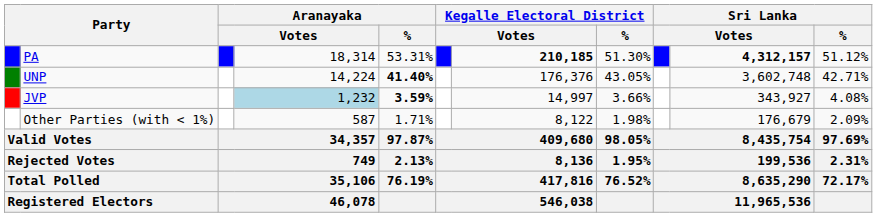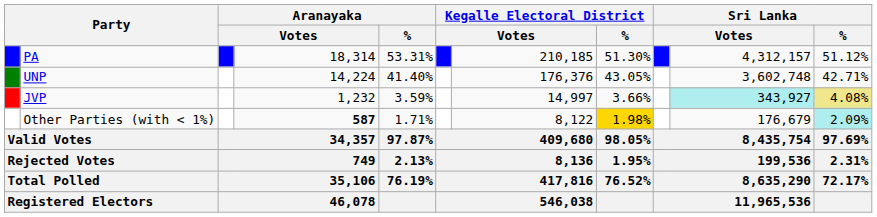 <table class="wikitable">
 <tr>
 <th colspan="2" width="144px"rowspan="2">Party</th>
 <th colspan="3" width="216px">Aranayaka</th>
 <th colspan="3" width="216px"><a href='#'>Kegalle Electoral District</a></th>
 <th colspan="3" width="216px">Sri Lanka</th>
 </tr>
 <tr>
 <th colspan="2" width="144px">Votes</th>
 <th>%</th>
 <th colspan="2" width="144px">Votes</th>
 <th>%</th>
 <th colspan="2" width="144px">Votes</th>
 <th>%</th>
 </tr>
 <tr>
 <td style="background-color:blue;" width="10px"></td>
 <td style="text-align:left;"><a href='#'>PA</a></td>
 <td style="background-color:blue;" width="10px"></td>
 <td style="text-align:right;">18,314</td>
 <td style="text-align:right;">53.31%</td>
 <td style="background-color:blue;" width="10px"></td>
-<td style="text-align:right;"><strong>210,185</strong></td>
+<td style="text-align:right;">210,185</td>
 <td style="text-align:right;">51.30%</td>
 <td style="background-color:blue;" width="10px"></td>
-<td style="text-align:right;"><strong>4,312,157</strong></td>
+<td style="text-align:right;">4,312,157</td>
 <td style="text-align:right;">51.12%</td>
 </tr>
 <tr>
 <td style="background-color:green;" width="10px"></td>
 <td style="text-align:left;"><a href='#'>UNP</a></td>
 <td style="background-color:white;" width="10px"></td>
 <td style="text-align:right;">14,224</td>
-<td style="text-align:right;"><strong>41.40%</strong></td>
+<td style="text-align:right;">41.40%</td>
 <td style="background-color:white;" width="10px"></td>
 <td style="text-align:right;">176,376</td>
 <td style="text-align:right;">43.05%</td>
 <td style="background-color:white;" width="10px"></td>
 <td style="text-align:right;">3,602,748</td>
 <td style="text-align:right;">42.71%</td>
 </tr>
 <tr>
 <td style="background-color:red;" width="10px"></td>
 <td style="text-align:left;"><a href='#'>JVP</a></td>
 <td style="background-color:white;" width="10px"></td>
-<td style="background: lightblue; text-align:right;">1,232</td>
-<td style="text-align:right;"><strong>3.59%</strong></td>
+<td style="text-align:right;">1,232</td>
+<td style="text-align:right;">3.59%</td>
 <td style="background-color:white;" width="10px"></td>
 <td style="text-align:right;">14,997</td>
 <td style="text-align:right;">3.66%</td>
 <td style="background-color:white;" width="10px"></td>
-<td style="text-align:right;">343,927</td>
-<td style="text-align:right;">4.08%</td>
+<td style="background: paleturquoise; text-align:right;">343,927</td>
+<td style="background: khaki; text-align:right;">4.08%</td>
 </tr>
 <tr>
 <td style="background-color:white;" width="10px"></td>
 <td style="text-align:left;">Other Parties (with < 1%)</td>
 <td style="background-color:white;" width="10px"></td>
-<td style="text-align:right;">587</td>
+<td style="text-align:right;"><strong>587</strong></td>
 <td style="text-align:right;">1.71%</td>
 <td style="background-color:white;" width="10px"></td>
 <td style="text-align:right;">8,122</td>
-<td style="text-align:right;">1.98%</td>
+<td style="background: gold; text-align:right;">1.98%</td>
 <td style="background-color:white;" width="10px"></td>
 <td style="text-align:right;">176,679</td>
-<td style="text-align:right;">2.09%</td>
+<td style="background: paleturquoise; text-align:right;">2.09%</td>
 </tr>
 <tr>
 <th colspan="2" width="144px"style="text-align:left;">Valid Votes</th>
 <th style="text-align:right;"colspan="2" width="144px">34,357</th>
 <th style="text-align:right;">97.87%</th>
 <th style="text-align:right;"colspan="2" width="144px">409,680</th>
 <th style="text-align:right;">98.05%</th>
 <th style="text-align:right;"colspan="2" width="144px">8,435,754</th>
 <th style="text-align:right;">97.69%</th>
 </tr>
 <tr>
 <th colspan="2" width="144px"style="text-align:left;">Rejected Votes</th>
 <th style="text-align:right;"colspan="2" width="144px">749</th>
 <th style="text-align:right;">2.13%</th>
 <th style="text-align:right;"colspan="2" width="144px">8,136</th>
 <th style="text-align:right;">1.95%</th>
 <th style="text-align:right;"colspan="2" width="144px">199,536</th>
 <th style="text-align:right;">2.31%</th>
 </tr>
 <tr>
 <th colspan="2" width="144px"style="text-align:left;">Total Polled</th>
 <th style="text-align:right;"colspan="2" width="144px">35,106</th>
 <th style="text-align:right;">76.19%</th>
 <th style="text-align:right;"colspan="2" width="144px">417,816</th>
 <th style="text-align:right;">76.52%</th>
 <th style="text-align:right;"colspan="2" width="144px">8,635,290</th>
 <th style="text-align:right;">72.17%</th>
 </tr>
 <tr>
 <th colspan="2" width="144px"style="text-align:left;">Registered Electors</th>
 <th style="text-align:right;"colspan="2" width="144px">46,078</th>
 <th></th>
 <th style="text-align:right;"colspan="2" width="144px">546,038</th>
 <th></th>
 <th style="text-align:right;"colspan="2" width="144px">11,965,536</th>
 <th></th>
 </tr>
 </table>
